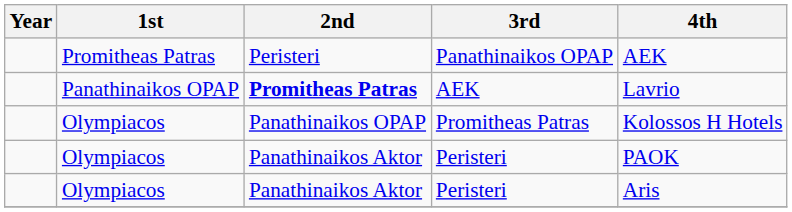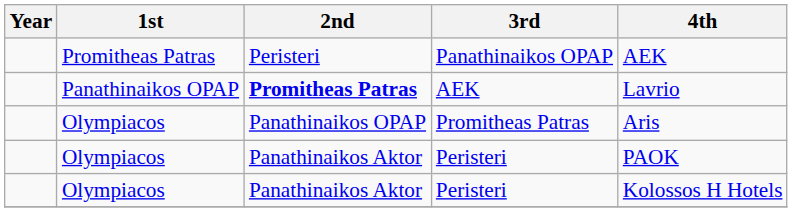 <table class="wikitable">
 <tr>
 <th>Year</th>
 <th>1st</th>
 <th>2nd</th>
 <th>3rd</th>
 <th>4th</th>
 </tr>
 <tr>
 <td></td>
 <td><a href='#'>Promitheas Patras</a></td>
 <td><a href='#'>Peristeri</a></td>
 <td><a href='#'>Panathinaikos OPAP</a></td>
 <td><a href='#'>AEK</a></td>
 </tr>
 <tr>
 <td></td>
 <td><a href='#'>Panathinaikos OPAP</a></td>
 <td><strong><a href='#'>Promitheas Patras</a></strong></td>
 <td><a href='#'>AEK</a></td>
 <td><a href='#'>Lavrio</a></td>
 </tr>
 <tr>
 <td></td>
 <td><a href='#'>Olympiacos</a></td>
 <td><a href='#'>Panathinaikos OPAP</a></td>
 <td><a href='#'>Promitheas Patras</a></td>
-<td><a href='#'>Kolossos H Hotels</a></td>
+<td><a href='#'>Aris</a></td>
 </tr>
 <tr>
 <td></td>
 <td><a href='#'>Olympiacos</a></td>
 <td><a href='#'>Panathinaikos Aktor</a></td>
 <td><a href='#'>Peristeri</a></td>
 <td><a href='#'>PAOK</a></td>
 </tr>
 <tr>
 <td></td>
 <td><a href='#'>Olympiacos</a></td>
 <td><a href='#'>Panathinaikos Aktor</a></td>
 <td><a href='#'>Peristeri</a></td>
-<td><a href='#'>Aris</a></td>
+<td><a href='#'>Kolossos H Hotels</a></td>
 </tr>
 <tr>
 </tr>
 </table>
